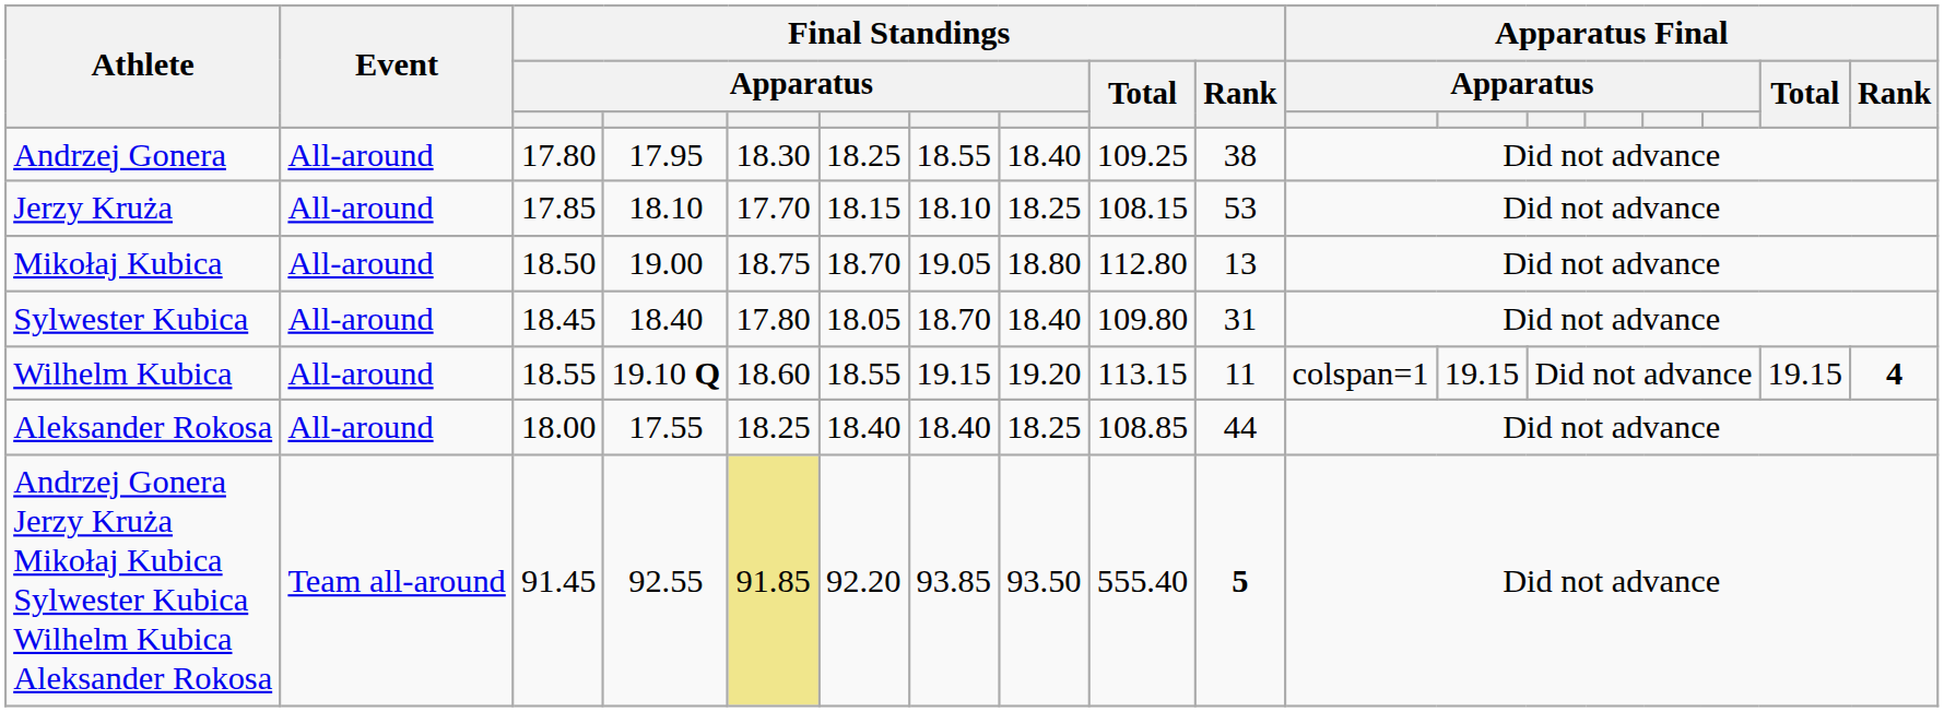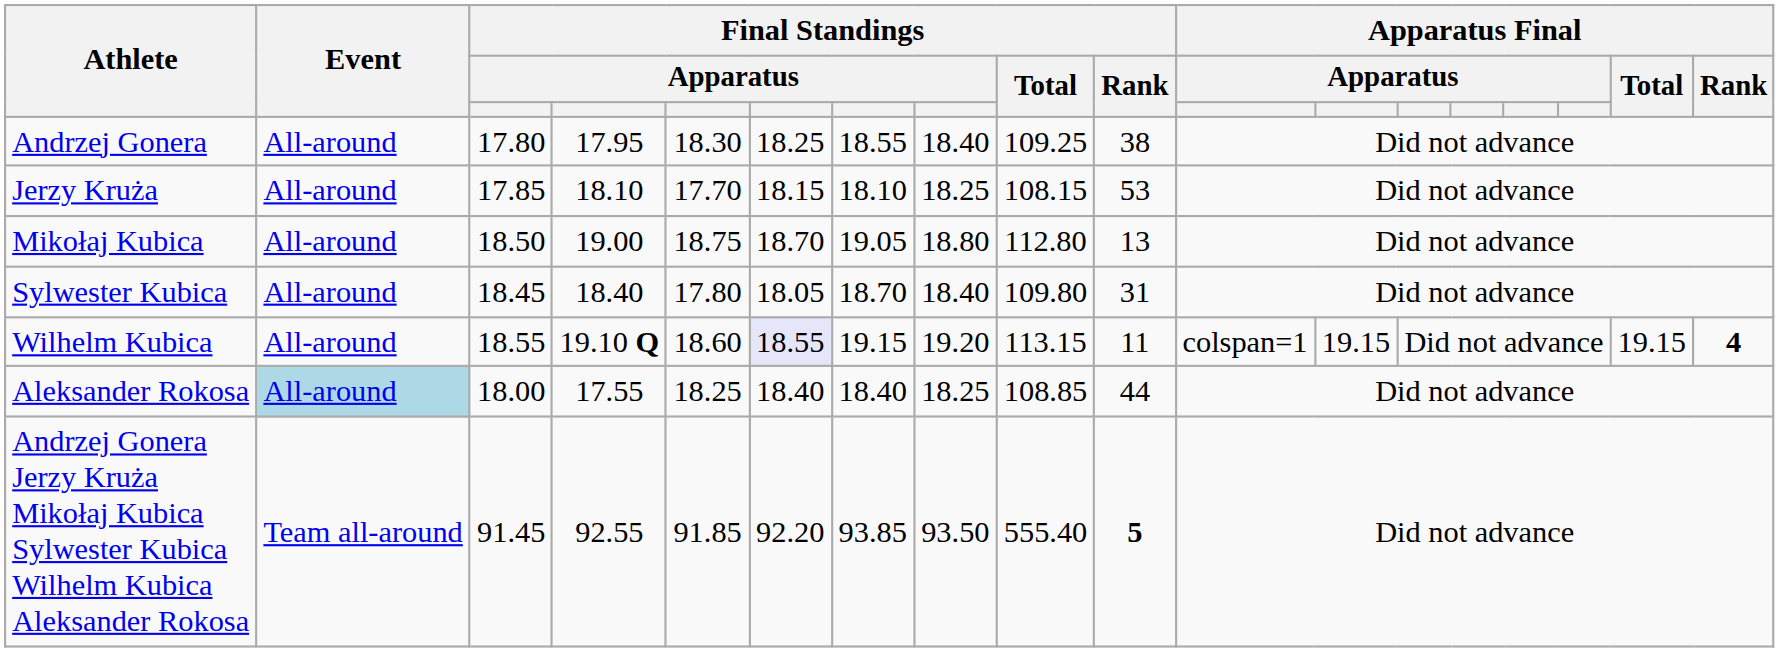 <table class="wikitable" style="font-size:90%">
 <tr>
 <th rowspan=3>Athlete</th>
 <th rowspan=3>Event</th>
 <th colspan =8>Final Standings</th>
 <th colspan =8>Apparatus Final</th>
 </tr>
 <tr style="font-size:95%">
 <th colspan=6>Apparatus</th>
 <th rowspan=2>Total</th>
 <th rowspan=2>Rank</th>
 <th colspan=6>Apparatus</th>
 <th rowspan=2>Total</th>
 <th rowspan=2>Rank</th>
 </tr>
 <tr style="font-size:95%">
 <th></th>
 <th></th>
 <th></th>
 <th></th>
 <th></th>
 <th></th>
 <th></th>
 <th></th>
 <th></th>
 <th></th>
 <th></th>
 <th></th>
 </tr>
 <tr align=center>
 <td align=left><a href='#'>Andrzej Gonera</a></td>
 <td align=left><a href='#'>All-around</a></td>
 <td>17.80</td>
 <td>17.95</td>
 <td>18.30</td>
 <td>18.25</td>
 <td>18.55</td>
 <td>18.40</td>
 <td>109.25</td>
 <td>38</td>
 <td colspan=8>Did not advance</td>
 </tr>
 <tr align=center>
 <td align=left><a href='#'>Jerzy Kruża</a></td>
 <td align=left><a href='#'>All-around</a></td>
 <td>17.85</td>
 <td>18.10</td>
 <td>17.70</td>
 <td>18.15</td>
 <td>18.10</td>
 <td>18.25</td>
 <td>108.15</td>
 <td>53</td>
 <td colspan=8>Did not advance</td>
 </tr>
 <tr align=center>
 <td align=left><a href='#'>Mikołaj Kubica</a></td>
 <td align=left><a href='#'>All-around</a></td>
 <td>18.50</td>
 <td>19.00</td>
 <td>18.75</td>
 <td>18.70</td>
 <td>19.05</td>
 <td>18.80</td>
 <td>112.80</td>
 <td>13</td>
 <td colspan=8>Did not advance</td>
 </tr>
 <tr align=center>
 <td align=left><a href='#'>Sylwester Kubica</a></td>
 <td align=left><a href='#'>All-around</a></td>
 <td>18.45</td>
 <td>18.40</td>
 <td>17.80</td>
 <td>18.05</td>
 <td>18.70</td>
 <td>18.40</td>
 <td>109.80</td>
 <td>31</td>
 <td colspan=8>Did not advance</td>
 </tr>
 <tr align=center>
 <td align=left><a href='#'>Wilhelm Kubica</a></td>
 <td align=left><a href='#'>All-around</a></td>
 <td>18.55</td>
 <td>19.10 <strong>Q</strong></td>
 <td>18.60</td>
-<td>18.55</td>
+<td style="background: lavender;">18.55</td>
 <td>19.15</td>
 <td>19.20</td>
 <td>113.15</td>
 <td>11</td>
 <td>colspan=1 </td>
 <td>19.15</td>
 <td colspan=4>Did not advance</td>
 <td>19.15</td>
 <td><strong>4</strong></td>
 </tr>
 <tr align=center>
 <td align=left><a href='#'>Aleksander Rokosa</a></td>
-<td align=left><a href='#'>All-around</a></td>
+<td align=left style="background: lightblue;"><a href='#'>All-around</a></td>
 <td>18.00</td>
 <td>17.55</td>
 <td>18.25</td>
 <td>18.40</td>
 <td>18.40</td>
 <td>18.25</td>
 <td>108.85</td>
 <td>44</td>
 <td colspan=8>Did not advance</td>
 </tr>
 <tr align=center>
 <td align=left><a href='#'>Andrzej Gonera</a><br><a href='#'>Jerzy Kruża</a><br><a href='#'>Mikołaj Kubica</a><br><a href='#'>Sylwester Kubica</a><br><a href='#'>Wilhelm Kubica</a><br><a href='#'>Aleksander Rokosa</a></td>
 <td align=left><a href='#'>Team all-around</a></td>
 <td>91.45</td>
 <td>92.55</td>
-<td style="background: khaki;">91.85</td>
+<td>91.85</td>
 <td>92.20</td>
 <td>93.85</td>
 <td>93.50</td>
 <td>555.40</td>
 <td><strong>5</strong></td>
 <td colspan=8>Did not advance</td>
 </tr>
 </table>
